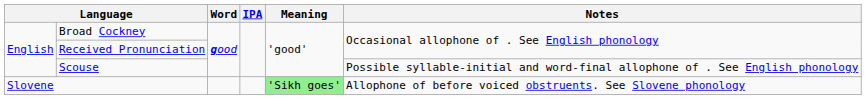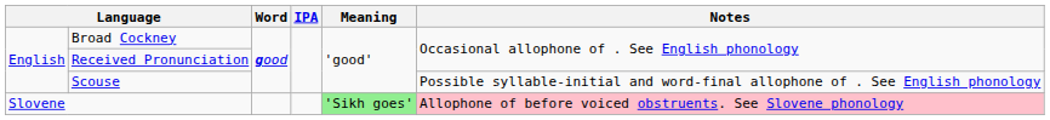 <table class="wikitable">
 <tr>
 <th colspan=2>Language</th>
 <th>Word</th>
 <th><a href='#'>IPA</a></th>
 <th>Meaning</th>
 <th>Notes</th>
 </tr>
 <tr>
 <td rowspan=3><a href='#'>English</a></td>
 <td>Broad <a href='#'>Cockney</a></td>
 <td rowspan=3><em><a href='#'><strong>g</strong>ood</a></em></td>
 <td rowspan=3></td>
 <td rowspan=3>'good'</td>
 <td rowspan=2>Occasional allophone of . See <a href='#'>English phonology</a></td>
 </tr>
 <tr>
 <td><a href='#'>Received Pronunciation</a></td>
 </tr>
 <tr>
 <td><a href='#'>Scouse</a></td>
 <td>Possible syllable-initial and word-final allophone of . See <a href='#'>English phonology</a></td>
 </tr>
 <tr>
 <td colspan="2"><a href='#'>Slovene</a></td>
 <td></td>
 <td></td>
 <td style="background: lightgreen;">'Sikh goes'</td>
-<td>Allophone of  before voiced <a href='#'>obstruents</a>. See <a href='#'>Slovene phonology</a></td>
+<td style="background: pink;">Allophone of  before voiced <a href='#'>obstruents</a>. See <a href='#'>Slovene phonology</a></td>
 </tr>
 </table>
